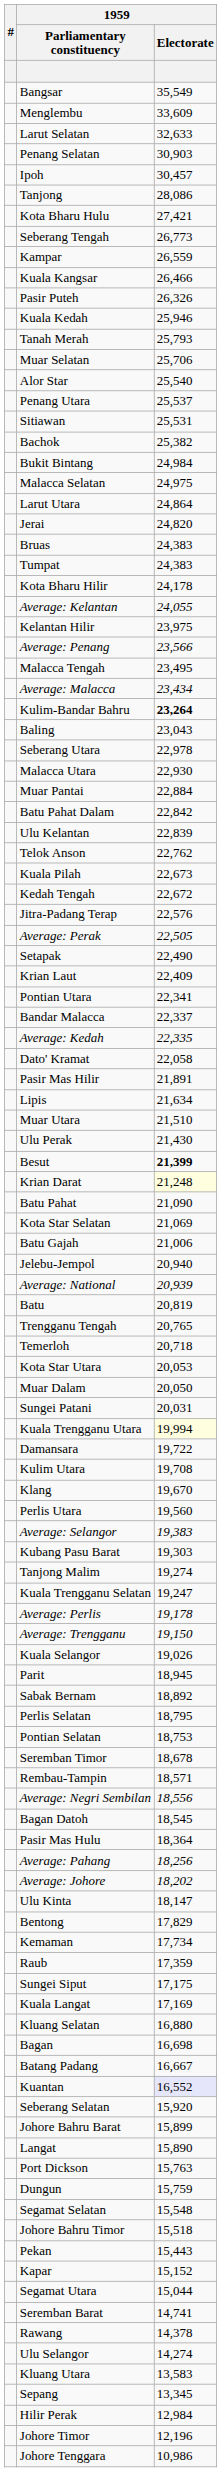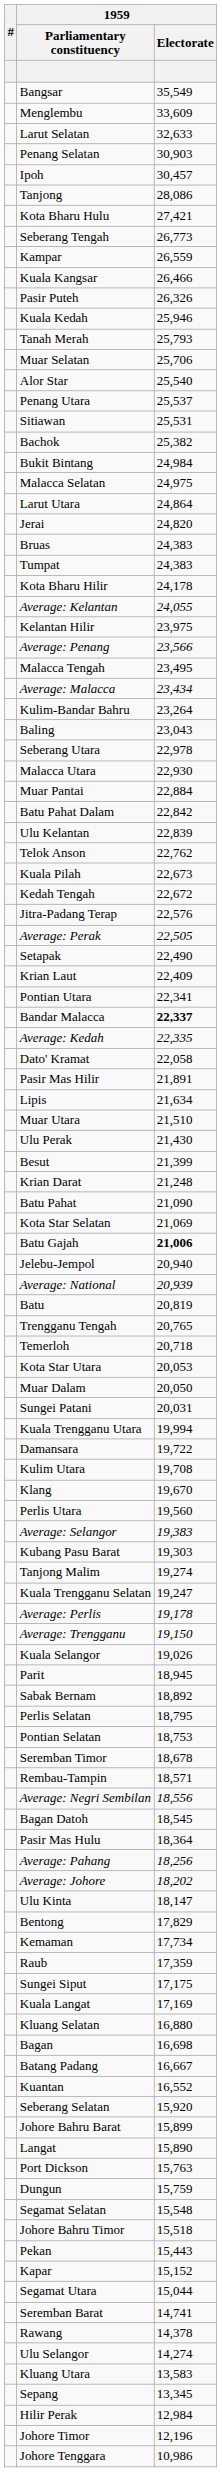 <table class="wikitable sortable">
 <tr>
 <th rowspan=2>#</th>
 <th colspan=2>1959</th>
 </tr>
 <tr>
 <th>Parliamentary<br>constituency</th>
 <th>Electorate</th>
 </tr>
 <tr>
 <th height=20px></th>
 <th></th>
 <th></th>
 </tr>
 <tr>
 <td></td>
 <td>Bangsar</td>
 <td>35,549</td>
 </tr>
 <tr>
 <td></td>
 <td>Menglembu</td>
 <td>33,609</td>
 </tr>
 <tr>
 <td></td>
 <td>Larut Selatan</td>
 <td>32,633</td>
 </tr>
 <tr>
 <td></td>
 <td>Penang Selatan</td>
 <td>30,903</td>
 </tr>
 <tr>
 <td></td>
 <td>Ipoh</td>
 <td>30,457</td>
 </tr>
 <tr>
 <td></td>
 <td>Tanjong</td>
 <td>28,086</td>
 </tr>
 <tr>
 <td></td>
 <td>Kota Bharu Hulu</td>
 <td>27,421</td>
 </tr>
 <tr>
 <td></td>
 <td>Seberang Tengah</td>
 <td>26,773</td>
 </tr>
 <tr>
 <td></td>
 <td>Kampar</td>
 <td>26,559</td>
 </tr>
 <tr>
 <td></td>
 <td>Kuala Kangsar</td>
 <td>26,466</td>
 </tr>
 <tr>
 <td></td>
 <td>Pasir Puteh</td>
 <td>26,326</td>
 </tr>
 <tr>
 <td></td>
 <td>Kuala Kedah</td>
 <td>25,946</td>
 </tr>
 <tr>
 <td></td>
 <td>Tanah Merah</td>
 <td>25,793</td>
 </tr>
 <tr>
 <td></td>
 <td>Muar Selatan</td>
 <td>25,706</td>
 </tr>
 <tr>
 <td></td>
 <td>Alor Star</td>
 <td>25,540</td>
 </tr>
 <tr>
 <td></td>
 <td>Penang Utara</td>
 <td>25,537</td>
 </tr>
 <tr>
 <td></td>
 <td>Sitiawan</td>
 <td>25,531</td>
 </tr>
 <tr>
 <td></td>
 <td>Bachok</td>
 <td>25,382</td>
 </tr>
 <tr>
 <td></td>
 <td>Bukit Bintang</td>
 <td>24,984</td>
 </tr>
 <tr>
 <td></td>
 <td>Malacca Selatan</td>
 <td>24,975</td>
 </tr>
 <tr>
 <td></td>
 <td>Larut Utara</td>
 <td>24,864</td>
 </tr>
 <tr>
 <td></td>
 <td>Jerai</td>
 <td>24,820</td>
 </tr>
 <tr>
 <td></td>
 <td>Bruas</td>
 <td>24,383</td>
 </tr>
 <tr>
 <td></td>
 <td>Tumpat</td>
 <td>24,383</td>
 </tr>
 <tr>
 <td></td>
 <td>Kota Bharu Hilir</td>
 <td>24,178</td>
 </tr>
 <tr>
 <td></td>
 <td><em>Average: Kelantan</em></td>
 <td><em>24,055</em></td>
 </tr>
 <tr>
 <td></td>
 <td>Kelantan Hilir</td>
 <td>23,975</td>
 </tr>
 <tr>
 <td></td>
 <td><em>Average: Penang</em></td>
 <td><em>23,566</em></td>
 </tr>
 <tr>
 <td></td>
 <td>Malacca Tengah</td>
 <td>23,495</td>
 </tr>
 <tr>
 <td></td>
 <td><em>Average: Malacca</em></td>
 <td><em>23,434</em></td>
 </tr>
 <tr>
 <td></td>
 <td>Kulim-Bandar Bahru</td>
-<td><strong>23,264</strong></td>
+<td>23,264</td>
 </tr>
 <tr>
 <td></td>
 <td>Baling</td>
 <td>23,043</td>
 </tr>
 <tr>
 <td></td>
 <td>Seberang Utara</td>
 <td>22,978</td>
 </tr>
 <tr>
 <td></td>
 <td>Malacca Utara</td>
 <td>22,930</td>
 </tr>
 <tr>
 <td></td>
 <td>Muar Pantai</td>
 <td>22,884</td>
 </tr>
 <tr>
 <td></td>
 <td>Batu Pahat Dalam</td>
 <td>22,842</td>
 </tr>
 <tr>
 <td></td>
 <td>Ulu Kelantan</td>
 <td>22,839</td>
 </tr>
 <tr>
 <td></td>
 <td>Telok Anson</td>
 <td>22,762</td>
 </tr>
 <tr>
 <td></td>
 <td>Kuala Pilah</td>
 <td>22,673</td>
 </tr>
 <tr>
 <td></td>
 <td>Kedah Tengah</td>
 <td>22,672</td>
 </tr>
 <tr>
 <td></td>
 <td>Jitra-Padang Terap</td>
 <td>22,576</td>
 </tr>
 <tr>
 <td></td>
 <td><em>Average: Perak</em></td>
 <td><em>22,505</em></td>
 </tr>
 <tr>
 <td></td>
 <td>Setapak</td>
 <td>22,490</td>
 </tr>
 <tr>
 <td></td>
 <td>Krian Laut</td>
 <td>22,409</td>
 </tr>
 <tr>
 <td></td>
 <td>Pontian Utara</td>
 <td>22,341</td>
 </tr>
 <tr>
 <td></td>
 <td>Bandar Malacca</td>
-<td>22,337</td>
+<td><strong>22,337</strong></td>
 </tr>
 <tr>
 <td></td>
 <td><em>Average: Kedah</em></td>
 <td><em>22,335</em></td>
 </tr>
 <tr>
 <td></td>
 <td>Dato' Kramat</td>
 <td>22,058</td>
 </tr>
 <tr>
 <td></td>
 <td>Pasir Mas Hilir</td>
 <td>21,891</td>
 </tr>
 <tr>
 <td></td>
 <td>Lipis</td>
 <td>21,634</td>
 </tr>
 <tr>
 <td></td>
 <td>Muar Utara</td>
 <td>21,510</td>
 </tr>
 <tr>
 <td></td>
 <td>Ulu Perak</td>
 <td>21,430</td>
 </tr>
 <tr>
 <td></td>
 <td>Besut</td>
-<td><strong>21,399</strong></td>
+<td>21,399</td>
 </tr>
 <tr>
 <td></td>
 <td>Krian Darat</td>
-<td style="background: lightyellow;">21,248</td>
+<td>21,248</td>
 </tr>
 <tr>
 <td></td>
 <td>Batu Pahat</td>
 <td>21,090</td>
 </tr>
 <tr>
 <td></td>
 <td>Kota Star Selatan</td>
 <td>21,069</td>
 </tr>
 <tr>
 <td></td>
 <td>Batu Gajah</td>
-<td>21,006</td>
+<td><strong>21,006</strong></td>
 </tr>
 <tr>
 <td></td>
 <td>Jelebu-Jempol</td>
 <td>20,940</td>
 </tr>
 <tr>
 <td></td>
 <td><em>Average: National</em></td>
 <td><em>20,939</em></td>
 </tr>
 <tr>
 <td></td>
 <td>Batu</td>
 <td>20,819</td>
 </tr>
 <tr>
 <td></td>
 <td>Trengganu Tengah</td>
 <td>20,765</td>
 </tr>
 <tr>
 <td></td>
 <td>Temerloh</td>
 <td>20,718</td>
 </tr>
 <tr>
 <td></td>
 <td>Kota Star Utara</td>
 <td>20,053</td>
 </tr>
 <tr>
 <td></td>
 <td>Muar Dalam</td>
 <td>20,050</td>
 </tr>
 <tr>
 <td></td>
 <td>Sungei Patani</td>
 <td>20,031</td>
 </tr>
 <tr>
 <td></td>
 <td>Kuala Trengganu Utara</td>
-<td style="background: lightyellow;">19,994</td>
+<td>19,994</td>
 </tr>
 <tr>
 <td></td>
 <td>Damansara</td>
 <td>19,722</td>
 </tr>
 <tr>
 <td></td>
 <td>Kulim Utara</td>
 <td>19,708</td>
 </tr>
 <tr>
 <td></td>
 <td>Klang</td>
 <td>19,670</td>
 </tr>
 <tr>
 <td></td>
 <td>Perlis Utara</td>
 <td>19,560</td>
 </tr>
 <tr>
 <td></td>
 <td><em>Average: Selangor</em></td>
 <td><em>19,383</em></td>
 </tr>
 <tr>
 <td></td>
 <td>Kubang Pasu Barat</td>
 <td>19,303</td>
 </tr>
 <tr>
 <td></td>
 <td>Tanjong Malim</td>
 <td>19,274</td>
 </tr>
 <tr>
 <td></td>
 <td>Kuala Trengganu Selatan</td>
 <td>19,247</td>
 </tr>
 <tr>
 <td></td>
 <td><em>Average: Perlis</em></td>
 <td><em>19,178</em></td>
 </tr>
 <tr>
 <td></td>
 <td><em>Average: Trengganu</em></td>
 <td><em>19,150</em></td>
 </tr>
 <tr>
 <td></td>
 <td>Kuala Selangor</td>
 <td>19,026</td>
 </tr>
 <tr>
 <td></td>
 <td>Parit</td>
 <td>18,945</td>
 </tr>
 <tr>
 <td></td>
 <td>Sabak Bernam</td>
 <td>18,892</td>
 </tr>
 <tr>
 <td></td>
 <td>Perlis Selatan</td>
 <td>18,795</td>
 </tr>
 <tr>
 <td></td>
 <td>Pontian Selatan</td>
 <td>18,753</td>
 </tr>
 <tr>
 <td></td>
 <td>Seremban Timor</td>
 <td>18,678</td>
 </tr>
 <tr>
 <td></td>
 <td>Rembau-Tampin</td>
 <td>18,571</td>
 </tr>
 <tr>
 <td></td>
 <td><em>Average: Negri Sembilan</em></td>
 <td><em>18,556</em></td>
 </tr>
 <tr>
 <td></td>
 <td>Bagan Datoh</td>
 <td>18,545</td>
 </tr>
 <tr>
 <td></td>
 <td>Pasir Mas Hulu</td>
 <td>18,364</td>
 </tr>
 <tr>
 <td></td>
 <td><em>Average: Pahang</em></td>
 <td><em>18,256</em></td>
 </tr>
 <tr>
 <td></td>
 <td><em>Average: Johore</em></td>
 <td><em>18,202</em></td>
 </tr>
 <tr>
 <td></td>
 <td>Ulu Kinta</td>
 <td>18,147</td>
 </tr>
 <tr>
 <td></td>
 <td>Bentong</td>
 <td>17,829</td>
 </tr>
 <tr>
 <td></td>
 <td>Kemaman</td>
 <td>17,734</td>
 </tr>
 <tr>
 <td></td>
 <td>Raub</td>
 <td>17,359</td>
 </tr>
 <tr>
 <td></td>
 <td>Sungei Siput</td>
 <td>17,175</td>
 </tr>
 <tr>
 <td></td>
 <td>Kuala Langat</td>
 <td>17,169</td>
 </tr>
 <tr>
 <td></td>
 <td>Kluang Selatan</td>
 <td>16,880</td>
 </tr>
 <tr>
 <td></td>
 <td>Bagan</td>
 <td>16,698</td>
 </tr>
 <tr>
 <td></td>
 <td>Batang Padang</td>
 <td>16,667</td>
 </tr>
 <tr>
 <td></td>
 <td>Kuantan</td>
-<td style="background: lavender;">16,552</td>
+<td>16,552</td>
 </tr>
 <tr>
 <td></td>
 <td>Seberang Selatan</td>
 <td>15,920</td>
 </tr>
 <tr>
 <td></td>
 <td>Johore Bahru Barat</td>
 <td>15,899</td>
 </tr>
 <tr>
 <td></td>
 <td>Langat</td>
 <td>15,890</td>
 </tr>
 <tr>
 <td></td>
 <td>Port Dickson</td>
 <td>15,763</td>
 </tr>
 <tr>
 <td></td>
 <td>Dungun</td>
 <td>15,759</td>
 </tr>
 <tr>
 <td></td>
 <td>Segamat Selatan</td>
 <td>15,548</td>
 </tr>
 <tr>
 <td></td>
 <td>Johore Bahru Timor</td>
 <td>15,518</td>
 </tr>
 <tr>
 <td></td>
 <td>Pekan</td>
 <td>15,443</td>
 </tr>
 <tr>
 <td></td>
 <td>Kapar</td>
 <td>15,152</td>
 </tr>
 <tr>
 <td></td>
 <td>Segamat Utara</td>
 <td>15,044</td>
 </tr>
 <tr>
 <td></td>
 <td>Seremban Barat</td>
 <td>14,741</td>
 </tr>
 <tr>
 <td></td>
 <td>Rawang</td>
 <td>14,378</td>
 </tr>
 <tr>
 <td></td>
 <td>Ulu Selangor</td>
 <td>14,274</td>
 </tr>
 <tr>
 <td></td>
 <td>Kluang Utara</td>
 <td>13,583</td>
 </tr>
 <tr>
 <td></td>
 <td>Sepang</td>
 <td>13,345</td>
 </tr>
 <tr>
 <td></td>
 <td>Hilir Perak</td>
 <td>12,984</td>
 </tr>
 <tr>
 <td></td>
 <td>Johore Timor</td>
 <td>12,196</td>
 </tr>
 <tr>
 <td></td>
 <td>Johore Tenggara</td>
 <td>10,986</td>
 </tr>
 </table>
